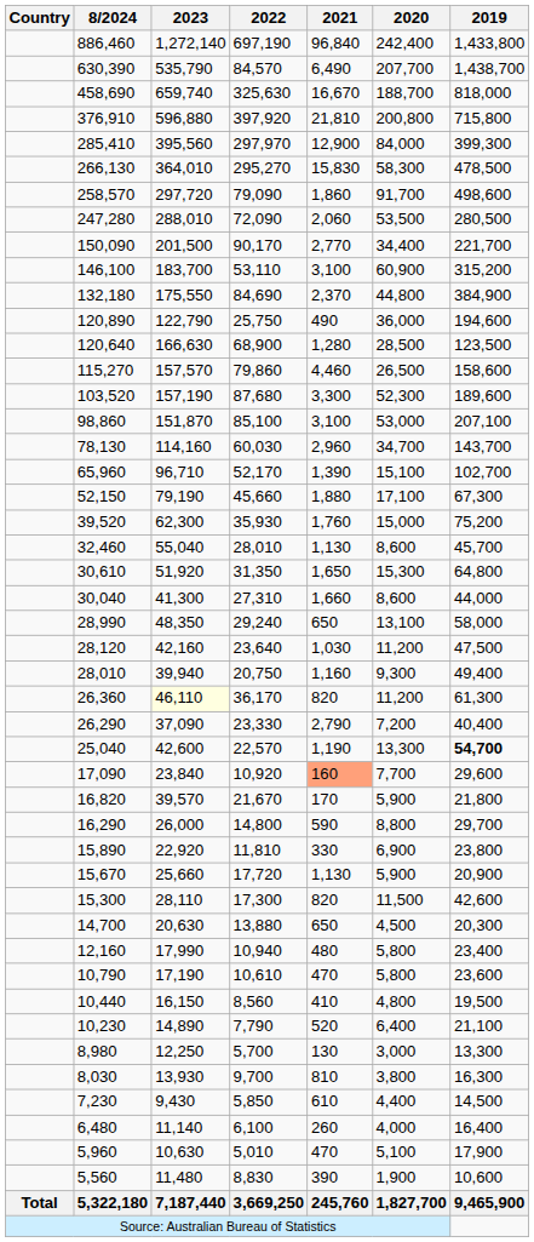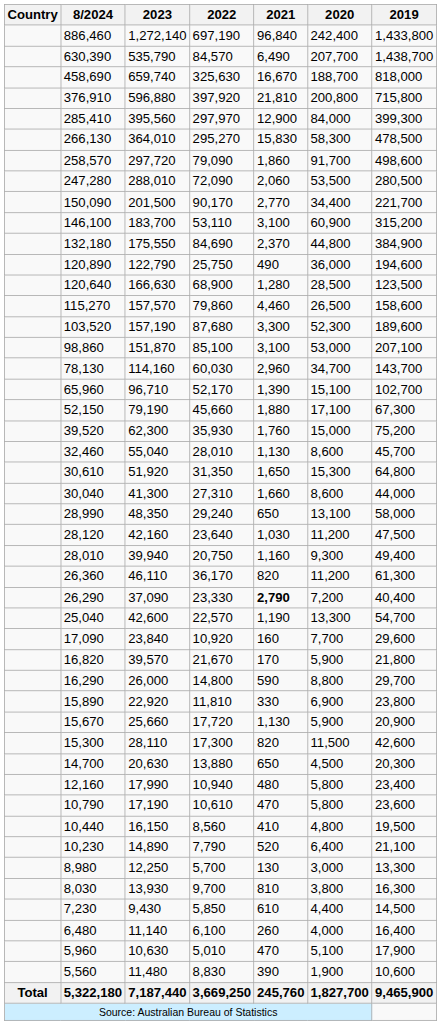 <table class="wikitable sortable">
 <tr>
 <th>Country</th>
 <th>8/2024</th>
 <th>2023</th>
 <th>2022</th>
 <th>2021</th>
 <th>2020</th>
 <th>2019</th>
 </tr>
 <tr>
 <td></td>
 <td>886,460</td>
 <td>1,272,140</td>
 <td>697,190</td>
 <td>96,840</td>
 <td>242,400</td>
 <td>1,433,800</td>
 </tr>
 <tr>
 <td></td>
 <td>630,390</td>
 <td>535,790</td>
 <td>84,570</td>
 <td>6,490</td>
 <td>207,700</td>
 <td>1,438,700</td>
 </tr>
 <tr>
 <td></td>
 <td>458,690</td>
 <td>659,740</td>
 <td>325,630</td>
 <td>16,670</td>
 <td>188,700</td>
 <td>818,000</td>
 </tr>
 <tr>
 <td></td>
 <td>376,910</td>
 <td>596,880</td>
 <td>397,920</td>
 <td>21,810</td>
 <td>200,800</td>
 <td>715,800</td>
 </tr>
 <tr>
 <td></td>
 <td>285,410</td>
 <td>395,560</td>
 <td>297,970</td>
 <td>12,900</td>
 <td>84,000</td>
 <td>399,300</td>
 </tr>
 <tr>
 <td></td>
 <td>266,130</td>
 <td>364,010</td>
 <td>295,270</td>
 <td>15,830</td>
 <td>58,300</td>
 <td>478,500</td>
 </tr>
 <tr>
 <td></td>
 <td>258,570</td>
 <td>297,720</td>
 <td>79,090</td>
 <td>1,860</td>
 <td>91,700</td>
 <td>498,600</td>
 </tr>
 <tr>
 <td></td>
 <td>247,280</td>
 <td>288,010</td>
 <td>72,090</td>
 <td>2,060</td>
 <td>53,500</td>
 <td>280,500</td>
 </tr>
 <tr>
 <td></td>
 <td>150,090</td>
 <td>201,500</td>
 <td>90,170</td>
 <td>2,770</td>
 <td>34,400</td>
 <td>221,700</td>
 </tr>
 <tr>
 <td></td>
 <td>146,100</td>
 <td>183,700</td>
 <td>53,110</td>
 <td>3,100</td>
 <td>60,900</td>
 <td>315,200</td>
 </tr>
 <tr>
 <td></td>
 <td>132,180</td>
 <td>175,550</td>
 <td>84,690</td>
 <td>2,370</td>
 <td>44,800</td>
 <td>384,900</td>
 </tr>
 <tr>
 <td></td>
 <td>120,890</td>
 <td>122,790</td>
 <td>25,750</td>
 <td>490</td>
 <td>36,000</td>
 <td>194,600</td>
 </tr>
 <tr>
 <td></td>
 <td>120,640</td>
 <td>166,630</td>
 <td>68,900</td>
 <td>1,280</td>
 <td>28,500</td>
 <td>123,500</td>
 </tr>
 <tr>
 <td></td>
 <td>115,270</td>
 <td>157,570</td>
 <td>79,860</td>
 <td>4,460</td>
 <td>26,500</td>
 <td>158,600</td>
 </tr>
 <tr>
 <td></td>
 <td>103,520</td>
 <td>157,190</td>
 <td>87,680</td>
 <td>3,300</td>
 <td>52,300</td>
 <td>189,600</td>
 </tr>
 <tr>
 <td></td>
 <td>98,860</td>
 <td>151,870</td>
 <td>85,100</td>
 <td>3,100</td>
 <td>53,000</td>
 <td>207,100</td>
 </tr>
 <tr>
 <td></td>
 <td>78,130</td>
 <td>114,160</td>
 <td>60,030</td>
 <td>2,960</td>
 <td>34,700</td>
 <td>143,700</td>
 </tr>
 <tr>
 <td></td>
 <td>65,960</td>
 <td>96,710</td>
 <td>52,170</td>
 <td>1,390</td>
 <td>15,100</td>
 <td>102,700</td>
 </tr>
 <tr>
 <td></td>
 <td>52,150</td>
 <td>79,190</td>
 <td>45,660</td>
 <td>1,880</td>
 <td>17,100</td>
 <td>67,300</td>
 </tr>
 <tr>
 <td></td>
 <td>39,520</td>
 <td>62,300</td>
 <td>35,930</td>
 <td>1,760</td>
 <td>15,000</td>
 <td>75,200</td>
 </tr>
 <tr>
 <td></td>
 <td>32,460</td>
 <td>55,040</td>
 <td>28,010</td>
 <td>1,130</td>
 <td>8,600</td>
 <td>45,700</td>
 </tr>
 <tr>
 <td></td>
 <td>30,610</td>
 <td>51,920</td>
 <td>31,350</td>
 <td>1,650</td>
 <td>15,300</td>
 <td>64,800</td>
 </tr>
 <tr>
 <td></td>
 <td>30,040</td>
 <td>41,300</td>
 <td>27,310</td>
 <td>1,660</td>
 <td>8,600</td>
 <td>44,000</td>
 </tr>
 <tr>
 <td></td>
 <td>28,990</td>
 <td>48,350</td>
 <td>29,240</td>
 <td>650</td>
 <td>13,100</td>
 <td>58,000</td>
 </tr>
 <tr>
 <td></td>
 <td>28,120</td>
 <td>42,160</td>
 <td>23,640</td>
 <td>1,030</td>
 <td>11,200</td>
 <td>47,500</td>
 </tr>
 <tr>
 <td></td>
 <td>28,010</td>
 <td>39,940</td>
 <td>20,750</td>
 <td>1,160</td>
 <td>9,300</td>
 <td>49,400</td>
 </tr>
 <tr>
 <td></td>
 <td>26,360</td>
-<td style="background: lightyellow;">46,110</td>
+<td>46,110</td>
 <td>36,170</td>
 <td>820</td>
 <td>11,200</td>
 <td>61,300</td>
 </tr>
 <tr>
 <td></td>
 <td>26,290</td>
 <td>37,090</td>
 <td>23,330</td>
-<td>2,790</td>
+<td><strong>2,790</strong></td>
 <td>7,200</td>
 <td>40,400</td>
 </tr>
 <tr>
 <td></td>
 <td>25,040</td>
 <td>42,600</td>
 <td>22,570</td>
 <td>1,190</td>
 <td>13,300</td>
-<td><strong>54,700</strong></td>
+<td>54,700</td>
 </tr>
 <tr>
 <td></td>
 <td>17,090</td>
 <td>23,840</td>
 <td>10,920</td>
-<td style="background: lightsalmon;">160</td>
+<td>160</td>
 <td>7,700</td>
 <td>29,600</td>
 </tr>
 <tr>
 <td></td>
 <td>16,820</td>
 <td>39,570</td>
 <td>21,670</td>
 <td>170</td>
 <td>5,900</td>
 <td>21,800</td>
 </tr>
 <tr>
 <td></td>
 <td>16,290</td>
 <td>26,000</td>
 <td>14,800</td>
 <td>590</td>
 <td>8,800</td>
 <td>29,700</td>
 </tr>
 <tr>
 <td></td>
 <td>15,890</td>
 <td>22,920</td>
 <td>11,810</td>
 <td>330</td>
 <td>6,900</td>
 <td>23,800</td>
 </tr>
 <tr>
 <td></td>
 <td>15,670</td>
 <td>25,660</td>
 <td>17,720</td>
 <td>1,130</td>
 <td>5,900</td>
 <td>20,900</td>
 </tr>
 <tr>
 <td></td>
 <td>15,300</td>
 <td>28,110</td>
 <td>17,300</td>
 <td>820</td>
 <td>11,500</td>
 <td>42,600</td>
 </tr>
 <tr>
 <td></td>
 <td>14,700</td>
 <td>20,630</td>
 <td>13,880</td>
 <td>650</td>
 <td>4,500</td>
 <td>20,300</td>
 </tr>
 <tr>
 <td></td>
 <td>12,160</td>
 <td>17,990</td>
 <td>10,940</td>
 <td>480</td>
 <td>5,800</td>
 <td>23,400</td>
 </tr>
 <tr>
 <td></td>
 <td>10,790</td>
 <td>17,190</td>
 <td>10,610</td>
 <td>470</td>
 <td>5,800</td>
 <td>23,600</td>
 </tr>
 <tr>
 <td></td>
 <td>10,440</td>
 <td>16,150</td>
 <td>8,560</td>
 <td>410</td>
 <td>4,800</td>
 <td>19,500</td>
 </tr>
 <tr>
 <td></td>
 <td>10,230</td>
 <td>14,890</td>
 <td>7,790</td>
 <td>520</td>
 <td>6,400</td>
 <td>21,100</td>
 </tr>
 <tr>
 <td></td>
 <td>8,980</td>
 <td>12,250</td>
 <td>5,700</td>
 <td>130</td>
 <td>3,000</td>
 <td>13,300</td>
 </tr>
 <tr>
 <td></td>
 <td>8,030</td>
 <td>13,930</td>
 <td>9,700</td>
 <td>810</td>
 <td>3,800</td>
 <td>16,300</td>
 </tr>
 <tr>
 <td></td>
 <td>7,230</td>
 <td>9,430</td>
 <td>5,850</td>
 <td>610</td>
 <td>4,400</td>
 <td>14,500</td>
 </tr>
 <tr>
 <td></td>
 <td>6,480</td>
 <td>11,140</td>
 <td>6,100</td>
 <td>260</td>
 <td>4,000</td>
 <td>16,400</td>
 </tr>
 <tr>
 <td></td>
 <td>5,960</td>
 <td>10,630</td>
 <td>5,010</td>
 <td>470</td>
 <td>5,100</td>
 <td>17,900</td>
 </tr>
 <tr>
 <td></td>
 <td>5,560</td>
 <td>11,480</td>
 <td>8,830</td>
 <td>390</td>
 <td>1,900</td>
 <td>10,600</td>
 </tr>
 <tr>
 <th>Total</th>
 <th>5,322,180</th>
 <th>7,187,440</th>
 <th>3,669,250</th>
 <th>245,760</th>
 <th>1,827,700</th>
 <th>9,465,900</th>
 </tr>
 <tr>
 <td colspan="6" style="font-size:80%; background:#cef; text-align:center;">Source: Australian Bureau of Statistics</td>
 <td></td>
 </tr>
 </table>
